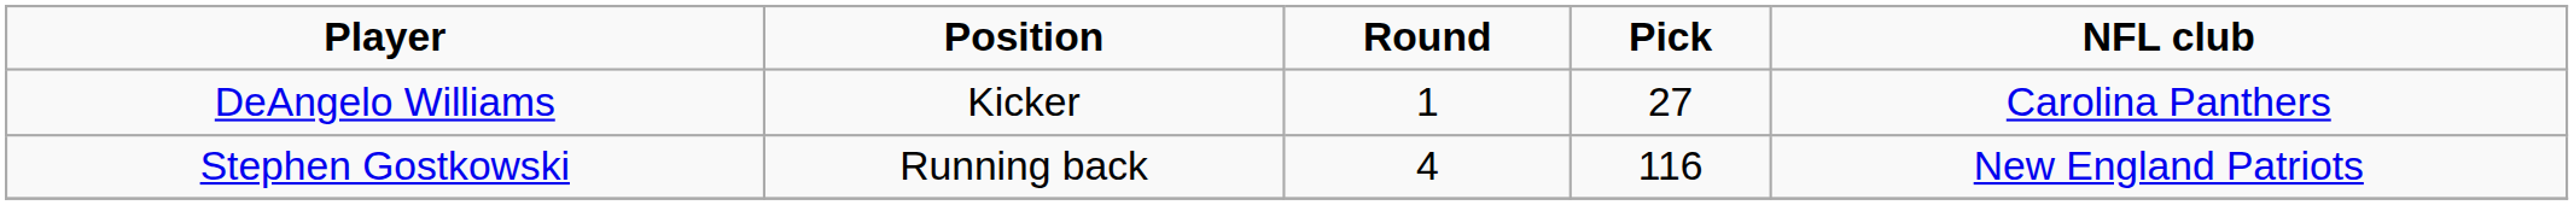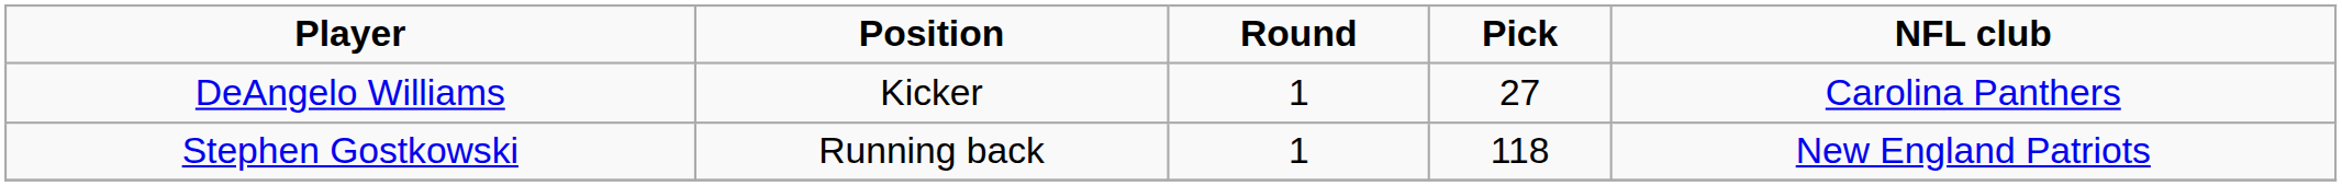 <table class="wikitable" width="80%">
 <tr align="center">
 <td><strong>Player</strong></td>
 <td><strong>Position</strong></td>
 <td><strong>Round</strong></td>
 <td><strong>Pick</strong></td>
 <td><strong>NFL club</strong></td>
 </tr>
 <tr align="center" bgcolor="">
 <td><a href='#'>DeAngelo Williams</a></td>
 <td>Kicker</td>
 <td>1</td>
 <td>27</td>
 <td><a href='#'>Carolina Panthers</a></td>
 </tr>
 <tr align="center" bgcolor="">
 <td><a href='#'>Stephen Gostkowski</a></td>
 <td>Running back</td>
-<td>4</td>
-<td>116</td>
+<td>1</td>
+<td>118</td>
 <td><a href='#'>New England Patriots</a></td>
 </tr>
 <tr align="center" bgcolor="">
 </tr>
 </table>
